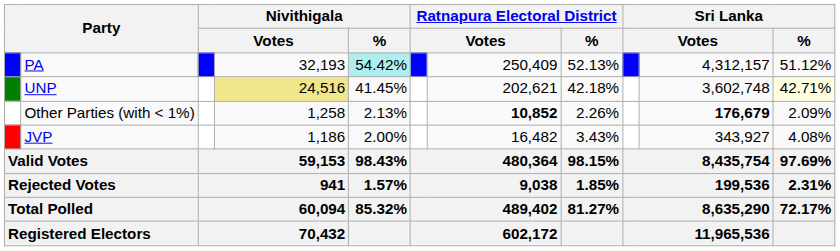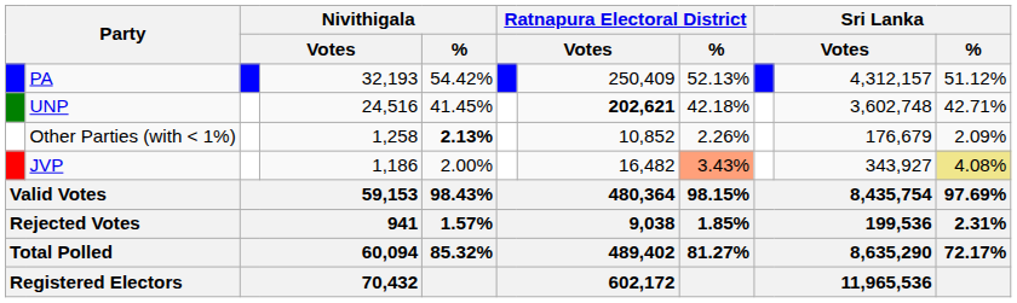 <table class="wikitable">
 <tr>
 <th colspan="2" width="144px"rowspan="2">Party</th>
 <th colspan="3" width="216px">Nivithigala</th>
 <th colspan="3" width="216px"><a href='#'>Ratnapura Electoral District</a></th>
 <th colspan="3" width="216px">Sri Lanka</th>
 </tr>
 <tr>
 <th colspan="2" width="144px">Votes</th>
 <th>%</th>
 <th colspan="2" width="144px">Votes</th>
 <th>%</th>
 <th colspan="2" width="144px">Votes</th>
 <th>%</th>
 </tr>
 <tr>
 <td style="background-color:blue;" width="10px"></td>
 <td style="text-align:left;"><a href='#'>PA</a></td>
 <td style="background-color:blue;" width="10px"></td>
 <td style="text-align:right;">32,193</td>
-<td style="background: paleturquoise; text-align:right;">54.42%</td>
+<td style="text-align:right;">54.42%</td>
 <td style="background-color:blue;" width="10px"></td>
 <td style="text-align:right;">250,409</td>
 <td style="text-align:right;">52.13%</td>
 <td style="background-color:blue;" width="10px"></td>
 <td style="text-align:right;">4,312,157</td>
 <td style="text-align:right;">51.12%</td>
 </tr>
 <tr>
 <td style="background-color:green;" width="10px"></td>
 <td style="text-align:left;"><a href='#'>UNP</a></td>
 <td style="background-color:white;" width="10px"></td>
-<td style="background: khaki; text-align:right;">24,516</td>
+<td style="text-align:right;">24,516</td>
 <td style="text-align:right;">41.45%</td>
 <td style="background-color:white;" width="10px"></td>
-<td style="text-align:right;">202,621</td>
+<td style="text-align:right;"><strong>202,621</strong></td>
 <td style="text-align:right;">42.18%</td>
 <td style="background-color:white;" width="10px"></td>
 <td style="text-align:right;">3,602,748</td>
-<td style="background: lightyellow; text-align:right;">42.71%</td>
+<td style="text-align:right;">42.71%</td>
 </tr>
 <tr>
 <td style="background-color:white;" width="10px"></td>
 <td style="text-align:left;">Other Parties (with < 1%)</td>
 <td style="background-color:white;" width="10px"></td>
 <td style="text-align:right;">1,258</td>
-<td style="text-align:right;">2.13%</td>
+<td style="text-align:right;"><strong>2.13%</strong></td>
 <td style="background-color:white;" width="10px"></td>
-<td style="text-align:right;"><strong>10,852</strong></td>
+<td style="text-align:right;">10,852</td>
 <td style="text-align:right;">2.26%</td>
 <td style="background-color:white;" width="10px"></td>
-<td style="text-align:right;"><strong>176,679</strong></td>
+<td style="text-align:right;">176,679</td>
 <td style="text-align:right;">2.09%</td>
 </tr>
 <tr>
 <td style="background-color:red;" width="10px"></td>
 <td style="text-align:left;"><a href='#'>JVP</a></td>
 <td style="background-color:white;" width="10px"></td>
 <td style="text-align:right;">1,186</td>
 <td style="text-align:right;">2.00%</td>
 <td style="background-color:white;" width="10px"></td>
 <td style="text-align:right;">16,482</td>
-<td style="text-align:right;">3.43%</td>
+<td style="background: lightsalmon; text-align:right;">3.43%</td>
 <td style="background-color:white;" width="10px"></td>
 <td style="text-align:right;">343,927</td>
-<td style="text-align:right;">4.08%</td>
+<td style="background: khaki; text-align:right;">4.08%</td>
 </tr>
 <tr>
 <th colspan="2" width="144px"style="text-align:left;">Valid Votes</th>
 <th style="text-align:right;"colspan="2" width="144px">59,153</th>
 <th style="text-align:right;">98.43%</th>
 <th style="text-align:right;"colspan="2" width="144px">480,364</th>
 <th style="text-align:right;">98.15%</th>
 <th style="text-align:right;"colspan="2" width="144px">8,435,754</th>
 <th style="text-align:right;">97.69%</th>
 </tr>
 <tr>
 <th colspan="2" width="144px"style="text-align:left;">Rejected Votes</th>
 <th style="text-align:right;"colspan="2" width="144px">941</th>
 <th style="text-align:right;">1.57%</th>
 <th style="text-align:right;"colspan="2" width="144px">9,038</th>
 <th style="text-align:right;">1.85%</th>
 <th style="text-align:right;"colspan="2" width="144px">199,536</th>
 <th style="text-align:right;">2.31%</th>
 </tr>
 <tr>
 <th colspan="2" width="144px"style="text-align:left;">Total Polled</th>
 <th style="text-align:right;"colspan="2" width="144px">60,094</th>
 <th style="text-align:right;">85.32%</th>
 <th style="text-align:right;"colspan="2" width="144px">489,402</th>
 <th style="text-align:right;">81.27%</th>
 <th style="text-align:right;"colspan="2" width="144px">8,635,290</th>
 <th style="text-align:right;">72.17%</th>
 </tr>
 <tr>
 <th colspan="2" width="144px"style="text-align:left;">Registered Electors</th>
 <th style="text-align:right;"colspan="2" width="144px">70,432</th>
 <th></th>
 <th style="text-align:right;"colspan="2" width="144px">602,172</th>
 <th></th>
 <th style="text-align:right;"colspan="2" width="144px">11,965,536</th>
 <th></th>
 </tr>
 </table>
